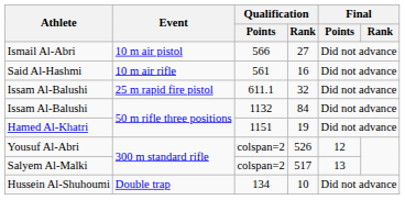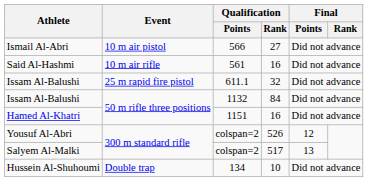 <table class=wikitable style=font-size:90%;text-align:center>
 <tr>
 <th rowspan="2">Athlete</th>
 <th rowspan="2">Event</th>
 <th colspan=2>Qualification</th>
 <th colspan=2>Final</th>
 </tr>
 <tr style="font-size:95%">
 <th>Points</th>
 <th>Rank</th>
 <th>Points</th>
 <th>Rank</th>
 </tr>
 <tr>
 <td align=left>Ismail Al-Abri</td>
 <td align=left><a href='#'>10 m air pistol</a></td>
 <td>566</td>
 <td>27</td>
 <td colspan=2>Did not advance</td>
 </tr>
 <tr>
 <td align=left>Said Al-Hashmi</td>
 <td align=left><a href='#'>10 m air rifle</a></td>
 <td>561</td>
 <td>16</td>
 <td colspan=2>Did not advance</td>
 </tr>
 <tr>
 <td align=left>Issam Al-Balushi</td>
 <td align=left><a href='#'>25 m rapid fire pistol</a></td>
 <td>611.1</td>
 <td>32</td>
 <td colspan=2>Did not advance</td>
 </tr>
 <tr>
 <td align=left>Issam Al-Balushi</td>
 <td align=left rowspan=2><a href='#'>50 m rifle three positions</a></td>
 <td>1132</td>
 <td>84</td>
 <td colspan=2>Did not advance</td>
 </tr>
 <tr>
 <td align=left><a href='#'>Hamed Al-Khatri</a></td>
 <td>1151</td>
-<td>19</td>
+<td>16</td>
 <td colspan=2>Did not advance</td>
 </tr>
 <tr>
 <td align=left>Yousuf Al-Abri</td>
 <td align=left rowspan=2><a href='#'>300 m standard rifle</a></td>
 <td>colspan=2 </td>
 <td>526</td>
 <td>12</td>
 </tr>
 <tr>
 <td align=left>Salyem Al-Malki</td>
 <td>colspan=2 </td>
 <td>517</td>
 <td>13</td>
 </tr>
 <tr>
 <td align=left>Hussein Al-Shuhoumi</td>
 <td align=left><a href='#'>Double trap</a></td>
 <td>134</td>
 <td>10</td>
 <td colspan=2>Did not advance</td>
 </tr>
 </table>
